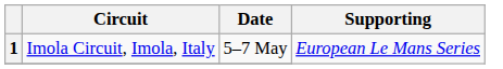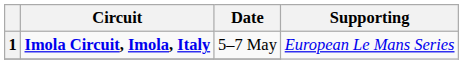 <table class="wikitable" style="font-size: 85%;">
 <tr>
 <th></th>
 <th>Circuit</th>
 <th>Date</th>
 <th>Supporting</th>
 </tr>
 <tr>
 <th>1</th>
-<td> <a href='#'>Imola Circuit</a>, <a href='#'>Imola</a>, <a href='#'>Italy</a></td>
+<td><strong> <a href='#'>Imola Circuit</a>, <a href='#'>Imola</a>, <a href='#'>Italy</a></strong></td>
 <td>5–7 May</td>
 <td rowspan=2><em><a href='#'>European Le Mans Series</a></em></td>
 </tr>
 <tr>
 </tr>
 </table>
